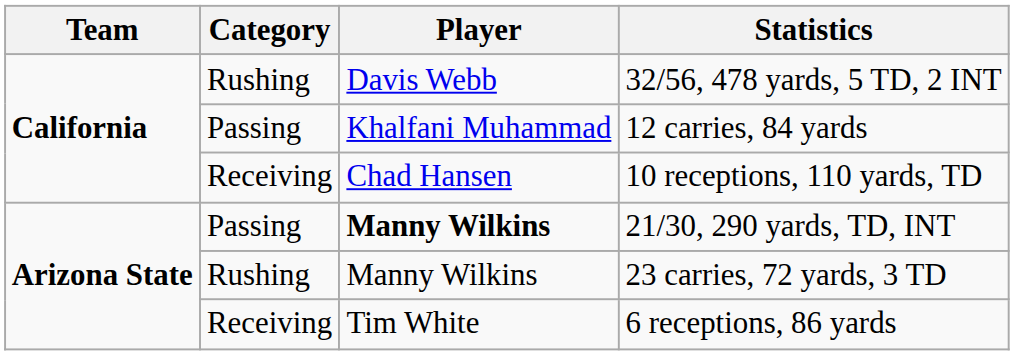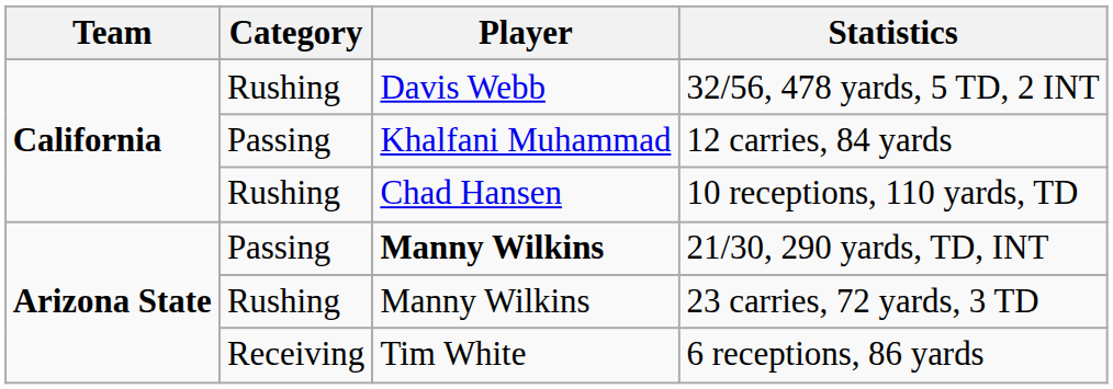 <table class="wikitable" style="float: right;">
 <tr>
 <th>Team</th>
 <th>Category</th>
 <th>Player</th>
 <th>Statistics</th>
 </tr>
 <tr>
 <td rowspan=3><strong>California</strong></td>
 <td>Rushing</td>
 <td><a href='#'>Davis Webb</a></td>
 <td>32/56, 478 yards, 5 TD, 2 INT</td>
 </tr>
 <tr>
 <td>Passing</td>
 <td><a href='#'>Khalfani Muhammad</a></td>
 <td>12 carries, 84 yards</td>
 </tr>
 <tr>
-<td>Receiving</td>
+<td>Rushing</td>
 <td><a href='#'>Chad Hansen</a></td>
 <td>10 receptions, 110 yards, TD</td>
 </tr>
 <tr>
 <td rowspan=3><strong>Arizona State</strong></td>
 <td>Passing</td>
 <td><strong>Manny Wilkins</strong></td>
 <td>21/30, 290 yards, TD, INT</td>
 </tr>
 <tr>
 <td>Rushing</td>
 <td>Manny Wilkins</td>
 <td>23 carries, 72 yards, 3 TD</td>
 </tr>
 <tr>
 <td>Receiving</td>
 <td>Tim White</td>
 <td>6 receptions, 86 yards</td>
 </tr>
 </table>
